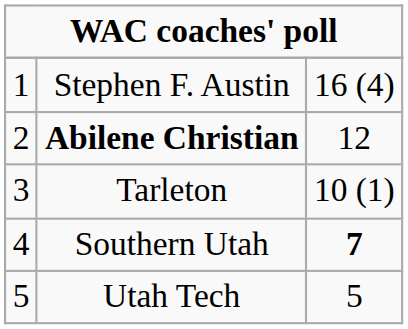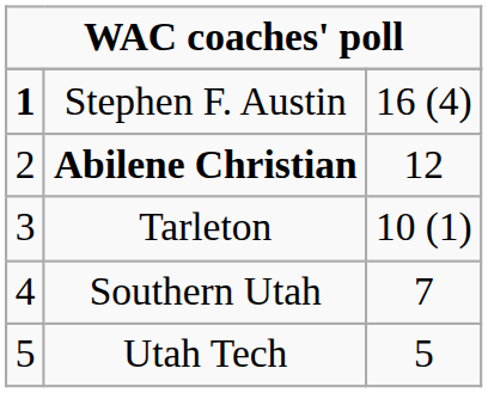 <table class="wikitable" style="display: inline-table;">
 <tr>
 <td align="center" Colspan="3"><strong>WAC coaches' poll</strong></td>
 </tr>
 <tr align="center">
 </tr>
 <tr align="center">
-<td>1</td>
+<td><strong>1</strong></td>
 <td>Stephen F. Austin</td>
 <td>16 (4)</td>
 </tr>
 <tr align="center">
 <td>2</td>
 <td><strong>Abilene Christian</strong></td>
 <td>12</td>
 </tr>
 <tr align="center">
 <td>3</td>
 <td>Tarleton</td>
 <td>10 (1)</td>
 </tr>
 <tr align="center">
 <td>4</td>
 <td>Southern Utah</td>
-<td><strong>7</strong></td>
+<td>7</td>
 </tr>
 <tr align="center">
 <td>5</td>
 <td>Utah Tech</td>
 <td>5</td>
 </tr>
 </table>
